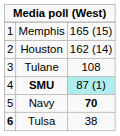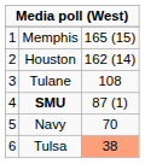 <table class="wikitable">
 <tr align="center">
 <td align="center" Colspan="3"><strong>Media poll (West)</strong></td>
 </tr>
 <tr align="center">
 </tr>
 <tr align="center">
 <td>1</td>
 <td>Memphis</td>
 <td>165 (15)</td>
 </tr>
 <tr align="center">
 <td>2</td>
 <td>Houston</td>
 <td>162 (14)</td>
 </tr>
 <tr align="center">
 <td>3</td>
 <td>Tulane</td>
 <td>108</td>
 </tr>
 <tr align="center">
 <td>4</td>
 <td><strong>SMU</strong></td>
-<td style="background: paleturquoise;">87 (1)</td>
+<td>87 (1)</td>
 </tr>
 <tr align="center">
 <td>5</td>
 <td>Navy</td>
-<td><strong>70</strong></td>
+<td>70</td>
 </tr>
 <tr align="center">
-<td><strong>6</strong></td>
+<td>6</td>
 <td>Tulsa</td>
-<td>38</td>
+<td style="background: lightsalmon;">38</td>
 </tr>
 </table>
